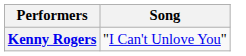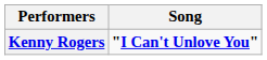 <table class="wikitable unsortable" style="text-align:center;">
 <tr>
 <th scope="col">Performers</th>
 <th scope="col">Song</th>
 </tr>
 <tr>
 <th scope="row"><a href='#'>Kenny Rogers</a></th>
-<td>"<a href='#'>I Can't Unlove You</a>"</td>
+<td><strong>"<a href='#'>I Can't Unlove You</a>"</strong></td>
 </tr>
 </table>
